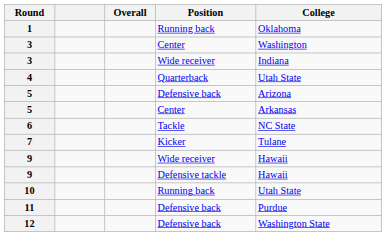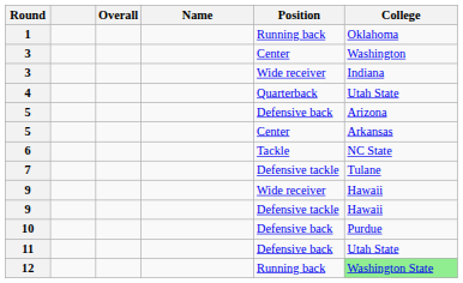 <table class="wikitable sortable">
 <tr>
 <th scope="col" style="width: 10%;">Round</th>
 <th scope="col" style="width: 10%;"></th>
 <th scope="col" style="width: 10%;">Overall</th>
+<th scope="col" style="width: 25%;">Name</th>
 <th scope="col" style="width: 20%;">Position</th>
 <th scope="col" style="width: 25%;">College</th>
 </tr>
 <tr>
 <th scope="row">1</th>
+<td></td>
 <td></td>
 <td></td>
 <td><a href='#'>Running back</a></td>
 <td><a href='#'>Oklahoma</a></td>
 </tr>
 <tr>
 <th scope="row">3</th>
 <td></td>
 <td></td>
+<td></td>
 <td><a href='#'>Center</a></td>
 <td><a href='#'>Washington</a></td>
 </tr>
 <tr>
 <th scope="row">3</th>
+<td></td>
 <td></td>
 <td></td>
 <td><a href='#'>Wide receiver</a></td>
 <td><a href='#'>Indiana</a></td>
 </tr>
 <tr>
 <th scope="row">4</th>
 <td></td>
 <td></td>
+<td></td>
 <td><a href='#'>Quarterback</a></td>
 <td><a href='#'>Utah State</a></td>
 </tr>
 <tr>
 <th scope="row">5</th>
+<td></td>
 <td></td>
 <td></td>
 <td><a href='#'>Defensive back</a></td>
 <td><a href='#'>Arizona</a></td>
 </tr>
 <tr>
 <th scope="row">5</th>
 <td></td>
 <td></td>
+<td></td>
 <td><a href='#'>Center</a></td>
 <td><a href='#'>Arkansas</a></td>
 </tr>
 <tr>
 <th scope="row">6</th>
+<td></td>
 <td></td>
 <td></td>
 <td><a href='#'>Tackle</a></td>
 <td><a href='#'>NC State</a></td>
 </tr>
 <tr>
 <th scope="row">7</th>
 <td></td>
 <td></td>
-<td><a href='#'>Kicker</a></td>
+<td></td>
+<td><a href='#'>Defensive tackle</a></td>
 <td><a href='#'>Tulane</a></td>
 </tr>
 <tr>
 <th scope="row">9</th>
+<td></td>
 <td></td>
 <td></td>
 <td><a href='#'>Wide receiver</a></td>
 <td><a href='#'>Hawaii</a></td>
 </tr>
 <tr>
 <th scope="row">9</th>
 <td></td>
 <td></td>
+<td></td>
 <td><a href='#'>Defensive tackle</a></td>
 <td><a href='#'>Hawaii</a></td>
 </tr>
 <tr>
 <th scope="row">10</th>
 <td></td>
 <td></td>
-<td><a href='#'>Running back</a></td>
-<td><a href='#'>Utah State</a></td>
+<td></td>
+<td><a href='#'>Defensive back</a></td>
+<td><a href='#'>Purdue</a></td>
 </tr>
 <tr>
 <th scope="row">11</th>
 <td></td>
 <td></td>
+<td></td>
 <td><a href='#'>Defensive back</a></td>
-<td><a href='#'>Purdue</a></td>
+<td><a href='#'>Utah State</a></td>
 </tr>
 <tr>
 <th scope="row">12</th>
 <td></td>
 <td></td>
-<td><a href='#'>Defensive back</a></td>
-<td><a href='#'>Washington State</a></td>
+<td></td>
+<td><a href='#'>Running back</a></td>
+<td style="background: lightgreen;"><a href='#'>Washington State</a></td>
 </tr>
 </table>
